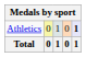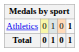 <table class="wikitable" style="font-size:90%; text-align:center;">
 <tr>
 <th colspan="5">Medals by sport</th>
 </tr>
 <tr>
 <td align="left"><a href='#'>Athletics</a></td>
 <td style="background:#F7F6A8;">0</td>
 <td style="background:#DCE5E5;">1</td>
 <td style="background:#FFDAB9;">0</td>
-<td style="background: lavender;"><strong>1</strong></td>
+<td><strong>1</strong></td>
 </tr>
 <tr class="sortbottom">
 <th>Total</th>
 <th>0</th>
 <th>1</th>
 <th>0</th>
 <th>1</th>
 </tr>
 </table>
